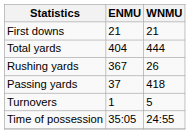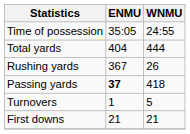 <table class="wikitable">
 <tr>
 <th>Statistics</th>
 <th>ENMU</th>
 <th>WNMU</th>
 </tr>
 <tr>
-<td>First downs</td>
-<td>21</td>
-<td>21</td>
+<td>Time of possession</td>
+<td>35:05</td>
+<td>24:55</td>
 </tr>
 <tr>
 <td>Total yards</td>
 <td>404</td>
 <td>444</td>
 </tr>
 <tr>
 <td>Rushing yards</td>
 <td>367</td>
 <td>26</td>
 </tr>
 <tr>
 <td>Passing yards</td>
-<td>37</td>
+<td><strong>37</strong></td>
 <td>418</td>
 </tr>
 <tr>
 <td>Turnovers</td>
 <td>1</td>
 <td>5</td>
 </tr>
 <tr>
-<td>Time of possession</td>
-<td>35:05</td>
-<td>24:55</td>
+<td>First downs</td>
+<td>21</td>
+<td>21</td>
 </tr>
 <tr>
 </tr>
 </table>
